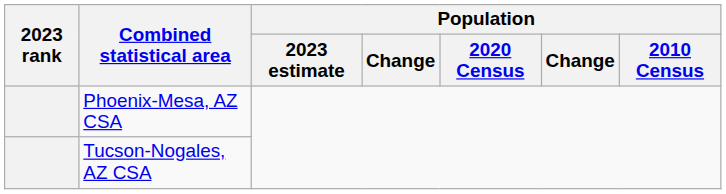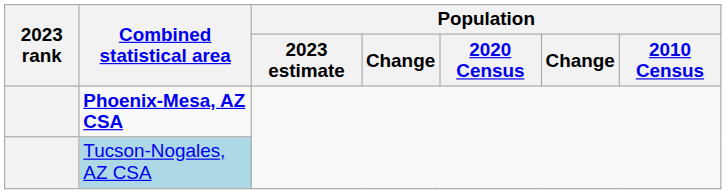 <table class="wikitable sortable">
 <tr>
 <th scope=col rowspan=2>2023 rank</th>
 <th scope=col rowspan=2><a href='#'>Combined statistical area</a></th>
 <th colspan=5>Population</th>
 </tr>
 <tr>
 <th scope=col>2023 estimate</th>
 <th scope=col>Change</th>
 <th scope=col><a href='#'>2020 Census</a></th>
 <th scope=col>Change</th>
 <th scope=col><a href='#'>2010 Census</a></th>
 </tr>
 <tr>
 <th scope=row></th>
-<td><a href='#'>Phoenix-Mesa, AZ CSA</a><br></td>
+<td><strong><a href='#'>Phoenix-Mesa, AZ CSA</a><br></strong></td>
 </tr>
 <tr>
 <th scope=row></th>
-<td><a href='#'>Tucson-Nogales, AZ CSA</a><br></td>
+<td style="background: lightblue;"><a href='#'>Tucson-Nogales, AZ CSA</a><br></td>
 </tr>
 </table>
